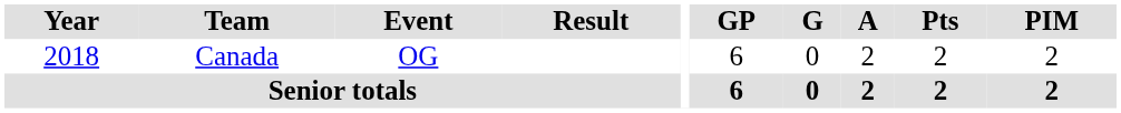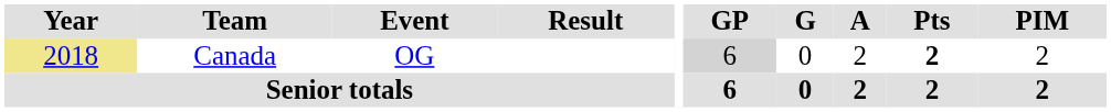 <table border="0" cellpadding="1" cellspacing="0" ID="Table3" style="text-align:center; width:40em">
 <tr ALIGN="center" bgcolor="#e0e0e0">
 <th>Year</th>
 <th>Team</th>
 <th>Event</th>
 <th>Result</th>
 <th rowspan="99" bgcolor="#ffffff"></th>
 <th>GP</th>
 <th>G</th>
 <th>A</th>
 <th>Pts</th>
 <th>PIM</th>
 </tr>
 <tr>
-<td><a href='#'>2018</a></td>
+<td style="background: khaki;"><a href='#'>2018</a></td>
 <td><a href='#'>Canada</a></td>
 <td><a href='#'>OG</a></td>
 <td></td>
-<td>6</td>
+<td style="background: lightgrey;">6</td>
 <td>0</td>
 <td>2</td>
-<td>2</td>
+<td><strong>2</strong></td>
 <td>2</td>
 </tr>
 <tr bgcolor="#e0e0e0">
 <th colspan="4">Senior totals</th>
 <th>6</th>
 <th>0</th>
 <th>2</th>
 <th>2</th>
 <th>2</th>
 </tr>
 </table>
